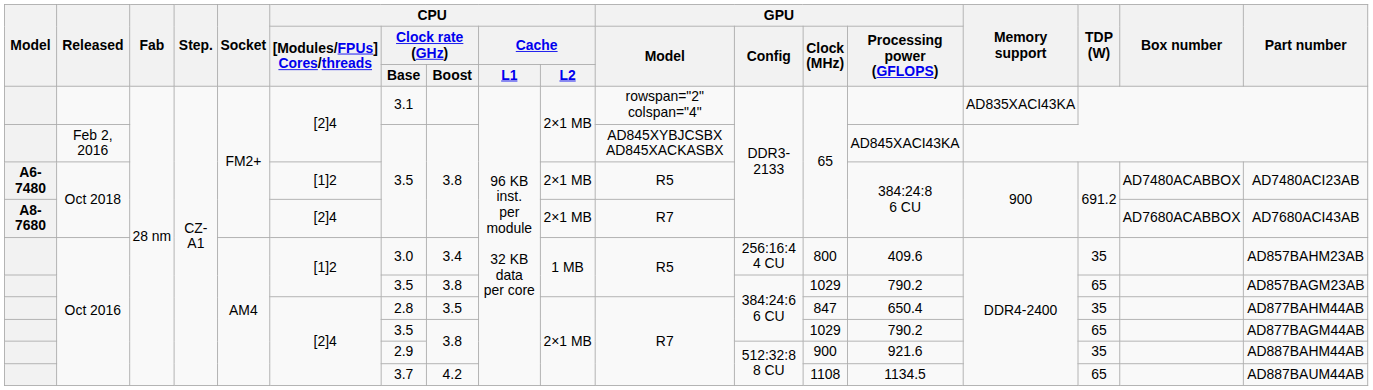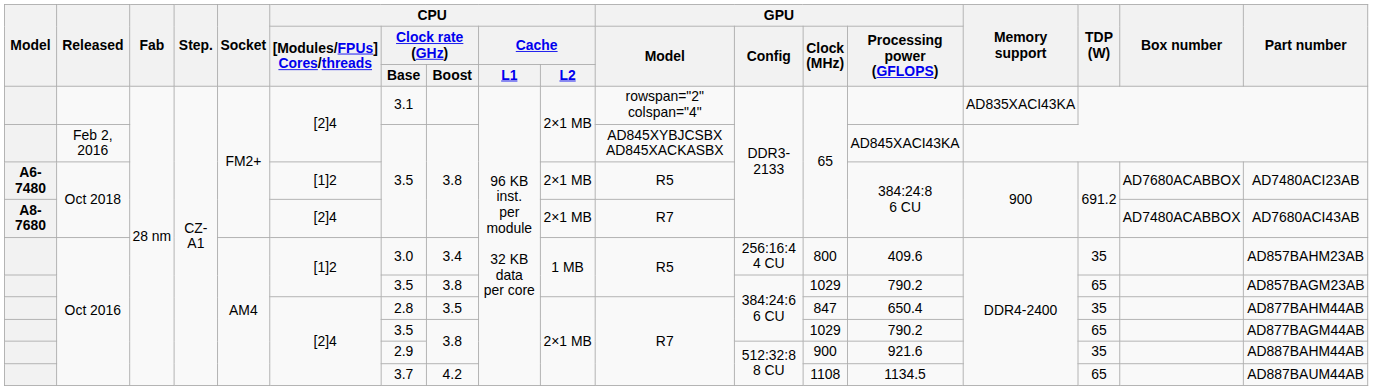 <table class="wikitable" style="text-align:center;">
 <tr>
 <th rowspan="3">Model</th>
 <th rowspan="3">Released</th>
 <th rowspan="3">Fab</th>
 <th rowspan="3">Step.</th>
 <th rowspan="3">Socket</th>
 <th colspan="5">CPU</th>
 <th colspan="4">GPU</th>
 <th rowspan="3">Memory<br>support</th>
 <th rowspan="3">TDP<br>(W)</th>
 <th rowspan="3">Box number</th>
 <th rowspan="3">Part number</th>
 </tr>
 <tr>
 <th rowspan="2">[Modules/<a href='#'>FPUs</a>]<br><a href='#'>Cores</a>/<a href='#'>threads</a></th>
 <th colspan="2"><a href='#'>Clock rate</a> (<a href='#'>GHz</a>)</th>
 <th colspan="2"><a href='#'>Cache</a></th>
 <th rowspan="2">Model</th>
 <th rowspan="2">Config</th>
 <th rowspan="2">Clock<br>(MHz)</th>
 <th rowspan="2">Processing<br>power<br>(<a href='#'>GFLOPS</a>)</th>
 </tr>
 <tr>
 <th>Base</th>
 <th>Boost</th>
 <th><a href='#'>L1</a></th>
 <th><a href='#'>L2</a></th>
 </tr>
 <tr>
 <th></th>
 <td></td>
 <td rowspan="10">28 nm</td>
 <td rowspan="10">CZ-A1</td>
 <td rowspan="4">FM2+</td>
 <td rowspan="2">[2]4</td>
 <td>3.1</td>
 <td></td>
 <td rowspan="10">96 KB inst.<br>per module<br><br>32 KB data<br>per core</td>
 <td rowspan="2">2×1 MB</td>
 <td>rowspan="2" colspan="4" </td>
 <td rowspan="4">DDR3-2133</td>
 <td rowspan="4">65</td>
 <td></td>
 <td>AD835XACI43KA</td>
 </tr>
 <tr>
 <th></th>
 <td>Feb 2, 2016</td>
 <td rowspan="3">3.5</td>
 <td rowspan="3">3.8</td>
 <td>AD845XYBJCSBX<br>AD845XACKASBX</td>
 <td>AD845XACI43KA</td>
 </tr>
 <tr>
 <th>A6-7480</th>
 <td rowspan="2">Oct 2018</td>
 <td>[1]2</td>
 <td>2×1 MB</td>
 <td>R5</td>
 <td rowspan="2">384:24:8<br>6 CU</td>
 <td rowspan="2">900</td>
 <td rowspan="2">691.2</td>
-<td>AD7480ACABBOX</td>
+<td>AD7680ACABBOX</td>
 <td>AD7480ACI23AB</td>
 </tr>
 <tr>
 <th>A8-7680</th>
 <td>[2]4</td>
 <td>2×1 MB</td>
 <td>R7</td>
-<td>AD7680ACABBOX</td>
+<td>AD7480ACABBOX</td>
 <td>AD7680ACI43AB</td>
 </tr>
 <tr>
 <th></th>
 <td rowspan=6>Oct 2016</td>
 <td rowspan=6>AM4</td>
 <td rowspan=2>[1]2</td>
 <td>3.0</td>
 <td>3.4</td>
 <td rowspan=2>1 MB</td>
 <td rowspan=2>R5</td>
 <td>256:16:4<br>4 CU</td>
 <td>800</td>
 <td>409.6</td>
 <td rowspan=6>DDR4-2400</td>
 <td>35</td>
 <td></td>
 <td>AD857BAHM23AB</td>
 </tr>
 <tr>
 <th></th>
 <td>3.5</td>
 <td>3.8</td>
 <td rowspan=3>384:24:6<br>6 CU</td>
 <td>1029</td>
 <td>790.2</td>
 <td>65</td>
 <td></td>
 <td>AD857BAGM23AB</td>
 </tr>
 <tr>
 <th></th>
 <td rowspan=4>[2]4</td>
 <td>2.8</td>
 <td>3.5</td>
 <td rowspan=4>2×1 MB</td>
 <td rowspan=4>R7</td>
 <td>847</td>
 <td>650.4</td>
 <td>35</td>
 <td></td>
 <td>AD877BAHM44AB</td>
 </tr>
 <tr>
 <th></th>
 <td>3.5</td>
 <td rowspan="2">3.8</td>
 <td>1029</td>
 <td>790.2</td>
 <td>65</td>
 <td></td>
 <td>AD877BAGM44AB</td>
 </tr>
 <tr>
 <th></th>
 <td>2.9</td>
 <td rowspan=2>512:32:8<br>8 CU</td>
 <td>900</td>
 <td>921.6</td>
 <td>35</td>
 <td></td>
 <td>AD887BAHM44AB</td>
 </tr>
 <tr>
 <th></th>
 <td>3.7</td>
 <td>4.2</td>
 <td>1108</td>
 <td>1134.5</td>
 <td>65</td>
 <td></td>
 <td>AD887BAUM44AB</td>
 </tr>
 </table>
